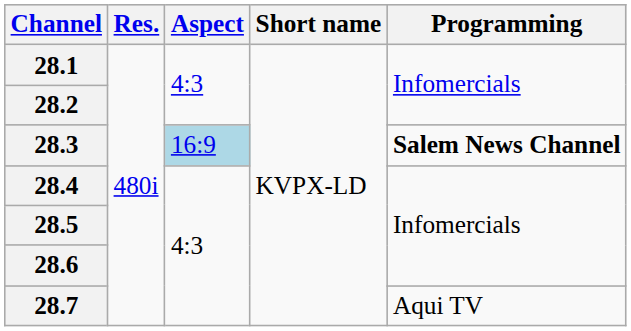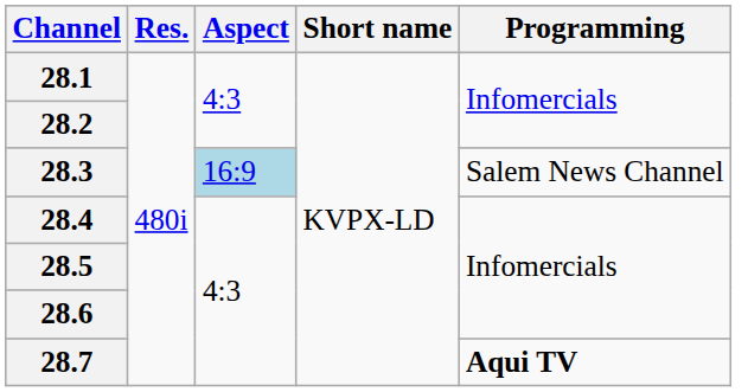 <table class="wikitable">
 <tr>
 <th><a href='#'>Channel</a></th>
 <th><a href='#'>Res.</a></th>
 <th><a href='#'>Aspect</a></th>
 <th>Short name</th>
 <th>Programming</th>
 </tr>
 <tr>
 <th scope = "row">28.1</th>
 <td rowspan="10"><a href='#'>480i</a></td>
 <td rowspan="2"><a href='#'>4:3</a></td>
 <td rowspan="7">KVPX-LD</td>
 <td rowspan="2"><a href='#'>Infomercials</a></td>
 </tr>
 <tr>
 <th scope = "row">28.2</th>
 </tr>
 <tr>
 <th scope = "row">28.3</th>
 <td style="background: lightblue;"><a href='#'>16:9</a></td>
-<td><strong>Salem News Channel</strong></td>
+<td>Salem News Channel</td>
 </tr>
 <tr>
 <th scope = "row">28.4</th>
 <td rowspan="7">4:3</td>
 <td rowspan="3">Infomercials</td>
 </tr>
 <tr>
 <th>28.5</th>
 </tr>
 <tr>
 <th>28.6</th>
 </tr>
 <tr>
 <th>28.7</th>
-<td>Aqui TV</td>
+<td><strong>Aqui TV</strong></td>
 </tr>
 </table>
